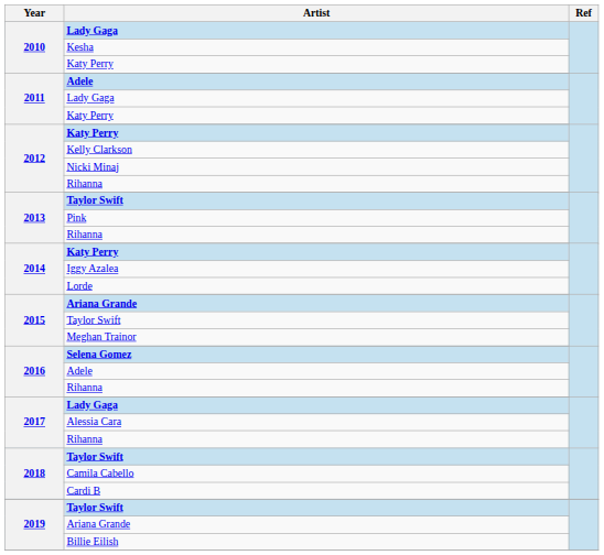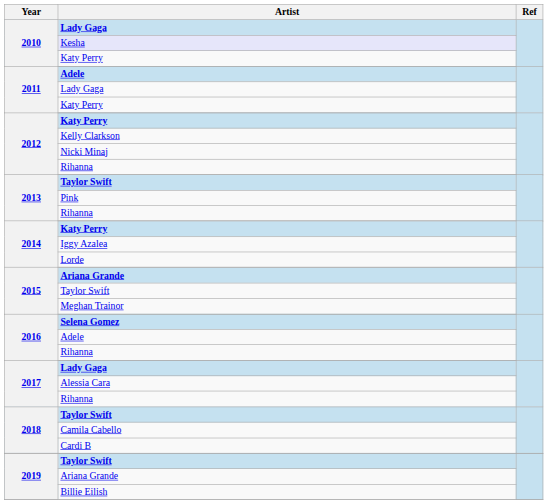 <table class="wikitable" width="100%">
 <tr>
 <th width="10%">Year</th>
 <th width="85%">Artist</th>
 <th width="5%">Ref</th>
 </tr>
 <tr style="background:#c5e1f0">
 <th rowspan="3"><a href='#'>2010<br></a></th>
 <td><strong><a href='#'>Lady Gaga</a></strong></td>
 <td rowspan="4" align="center"></td>
 </tr>
 <tr>
-<td><a href='#'>Kesha</a></td>
+<td style="background: lavender;"><a href='#'>Kesha</a></td>
 </tr>
 <tr>
 <td><a href='#'>Katy Perry</a></td>
 </tr>
 <tr>
 <th rowspan="4" align="center"><a href='#'>2011<br></a></th>
 </tr>
 <tr style="background:#c5e1f0">
 <td><strong><a href='#'>Adele</a></strong></td>
 <td rowspan="4" align="center"></td>
 </tr>
 <tr>
 <td><a href='#'>Lady Gaga</a></td>
 </tr>
 <tr>
 <td><a href='#'>Katy Perry</a></td>
 </tr>
 <tr>
 <th rowspan="5" align="center"><a href='#'>2012<br></a></th>
 </tr>
 <tr style="background:#c5e1f0">
 <td><strong><a href='#'>Katy Perry</a></strong></td>
 <td rowspan="5" align="center"></td>
 </tr>
 <tr>
 <td><a href='#'>Kelly Clarkson</a></td>
 </tr>
 <tr>
 <td><a href='#'>Nicki Minaj</a></td>
 </tr>
 <tr>
 <td><a href='#'>Rihanna</a></td>
 </tr>
 <tr>
 <th rowspan="4" align="center"><a href='#'>2013<br></a></th>
 </tr>
 <tr style="background:#c5e1f0">
 <td><strong><a href='#'>Taylor Swift</a></strong></td>
 <td rowspan="4" align="center"></td>
 </tr>
 <tr>
 <td><a href='#'>Pink</a></td>
 </tr>
 <tr>
 <td><a href='#'>Rihanna</a></td>
 </tr>
 <tr>
 <th rowspan="4" align="center"><a href='#'>2014<br></a></th>
 </tr>
 <tr style="background:#c5e1f0">
 <td><strong><a href='#'>Katy Perry</a></strong></td>
 <td rowspan="4" align="center"></td>
 </tr>
 <tr>
 <td><a href='#'>Iggy Azalea</a></td>
 </tr>
 <tr>
 <td><a href='#'>Lorde</a></td>
 </tr>
 <tr>
 <th rowspan="4" align="center"><a href='#'>2015<br></a></th>
 </tr>
 <tr style="background:#c5e1f0">
 <td><strong><a href='#'>Ariana Grande</a></strong></td>
 <td rowspan="4" align="center"></td>
 </tr>
 <tr>
 <td><a href='#'>Taylor Swift</a></td>
 </tr>
 <tr>
 <td><a href='#'>Meghan Trainor</a></td>
 </tr>
 <tr>
 <th rowspan="4" align="center"><a href='#'>2016<br></a></th>
 </tr>
 <tr style="background:#c5e1f0">
 <td><strong><a href='#'>Selena Gomez</a></strong></td>
 <td rowspan="4" align="center"></td>
 </tr>
 <tr>
 <td><a href='#'>Adele</a></td>
 </tr>
 <tr>
 <td><a href='#'>Rihanna</a></td>
 </tr>
 <tr>
 <th rowspan="4" align="center"><a href='#'>2017<br></a></th>
 </tr>
 <tr style="background:#c5e1f0">
 <td><strong><a href='#'>Lady Gaga</a></strong></td>
 <td rowspan="3" align="center"></td>
 </tr>
 <tr>
 <td><a href='#'>Alessia Cara</a></td>
 </tr>
 <tr>
 <td><a href='#'>Rihanna</a></td>
 </tr>
 <tr style="background:#c5e1f0">
 <th rowspan="3"><a href='#'>2018<br></a></th>
 <td><strong><a href='#'>Taylor Swift</a></strong></td>
 <td rowspan="3" align="center"></td>
 </tr>
 <tr>
 <td><a href='#'>Camila Cabello</a></td>
 </tr>
 <tr>
 <td><a href='#'>Cardi B</a></td>
 </tr>
 <tr>
 </tr>
 <tr style="background:#c5e1f0">
 <th rowspan="3"><a href='#'>2019<br></a></th>
 <td><strong><a href='#'>Taylor Swift</a></strong></td>
 <td rowspan="3" align="center"></td>
 </tr>
 <tr>
 <td><a href='#'>Ariana Grande</a></td>
 </tr>
 <tr>
 <td><a href='#'>Billie Eilish</a></td>
 </tr>
 <tr>
 </tr>
 </table>
